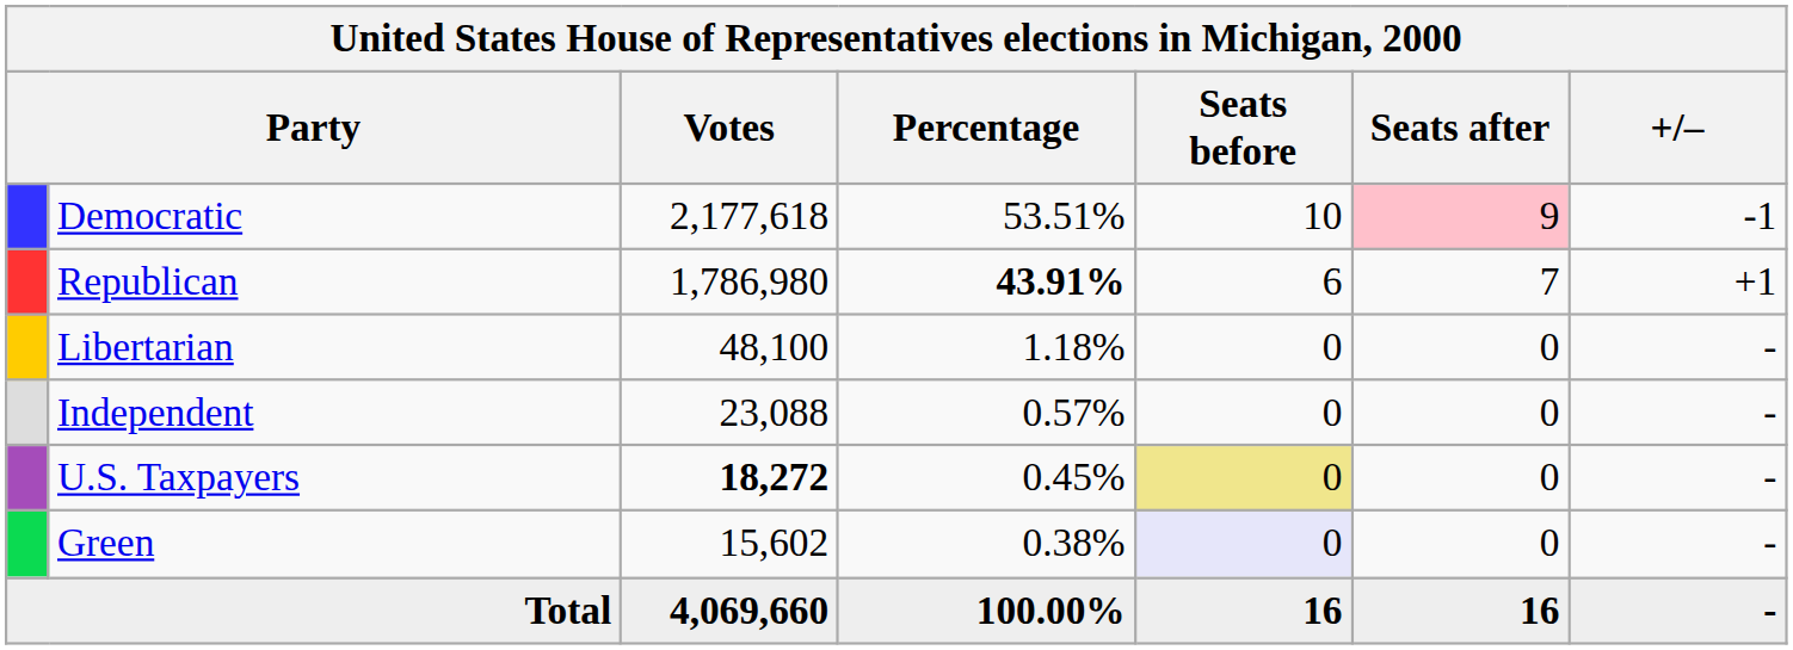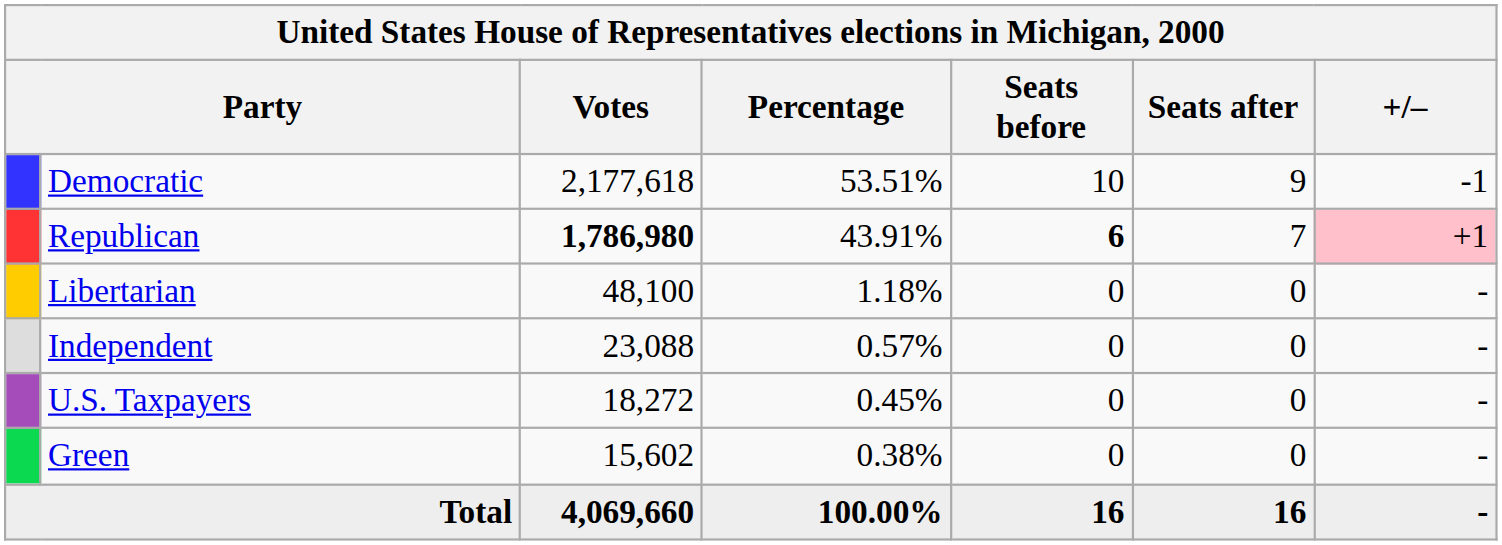 <table class="wikitable" style="font-size: 95%;">
 <tr>
 <th colspan="7">United States House of Representatives elections in Michigan, 2000</th>
 </tr>
 <tr>
 <th colspan=2 style="width: 15em">Party</th>
 <th style="width: 5em">Votes</th>
 <th style="width: 7em">Percentage</th>
 <th style="width: 5em">Seats before</th>
 <th style="width: 5em">Seats after</th>
 <th style="width: 5em">+/–</th>
 </tr>
 <tr>
 <th style="background-color:#3333FF; width: 3px"></th>
 <td style="width: 130px"><a href='#'>Democratic</a></td>
 <td align="right">2,177,618</td>
 <td align="right">53.51%</td>
 <td align="right">10</td>
-<td align="right" style="background: pink;">9</td>
+<td align="right">9</td>
 <td align="right">-1</td>
 </tr>
 <tr>
 <th style="background-color:#FF3333; width: 3px"></th>
 <td style="width: 130px"><a href='#'>Republican</a></td>
-<td align="right">1,786,980</td>
-<td align="right"><strong>43.91%</strong></td>
-<td align="right">6</td>
+<td align="right"><strong>1,786,980</strong></td>
+<td align="right">43.91%</td>
+<td align="right"><strong>6</strong></td>
 <td align="right">7</td>
-<td align="right">+1</td>
+<td align="right" style="background: pink;">+1</td>
 </tr>
 <tr>
 <th style="background-color:#FFCC00; width: 3px"></th>
 <td style="width: 130px"><a href='#'>Libertarian</a></td>
 <td align="right">48,100</td>
 <td align="right">1.18%</td>
 <td align="right">0</td>
 <td align="right">0</td>
 <td align="right">-</td>
 </tr>
 <tr>
 <th style="background-color:#DDDDDD; width: 3px"></th>
 <td style="width: 130px"><a href='#'>Independent</a></td>
 <td align="right">23,088</td>
 <td align="right">0.57%</td>
 <td align="right">0</td>
 <td align="right">0</td>
 <td align="right">-</td>
 </tr>
 <tr>
 <th style="background-color:#A54CBA; width: 3px"></th>
 <td style="width: 130px"><a href='#'>U.S. Taxpayers</a></td>
-<td align="right"><strong>18,272</strong></td>
+<td align="right">18,272</td>
 <td align="right">0.45%</td>
-<td align="right" style="background: khaki;">0</td>
+<td align="right">0</td>
 <td align="right">0</td>
 <td align="right">-</td>
 </tr>
 <tr>
 <th style="background-color:#0BDA51; width: 3px"></th>
 <td style="width: 130px"><a href='#'>Green</a></td>
 <td align="right">15,602</td>
 <td align="right">0.38%</td>
-<td align="right" style="background: lavender;">0</td>
+<td align="right">0</td>
 <td align="right">0</td>
 <td align="right">-</td>
 </tr>
 <tr bgcolor="#EEEEEE">
 <td colspan="2" align="right"><strong>Total</strong></td>
 <td align="right"><strong>4,069,660</strong></td>
 <td align="right"><strong>100.00%</strong></td>
 <td align="right"><strong>16</strong></td>
 <td align="right"><strong>16</strong></td>
 <td align="right"><strong>-</strong></td>
 </tr>
 </table>
